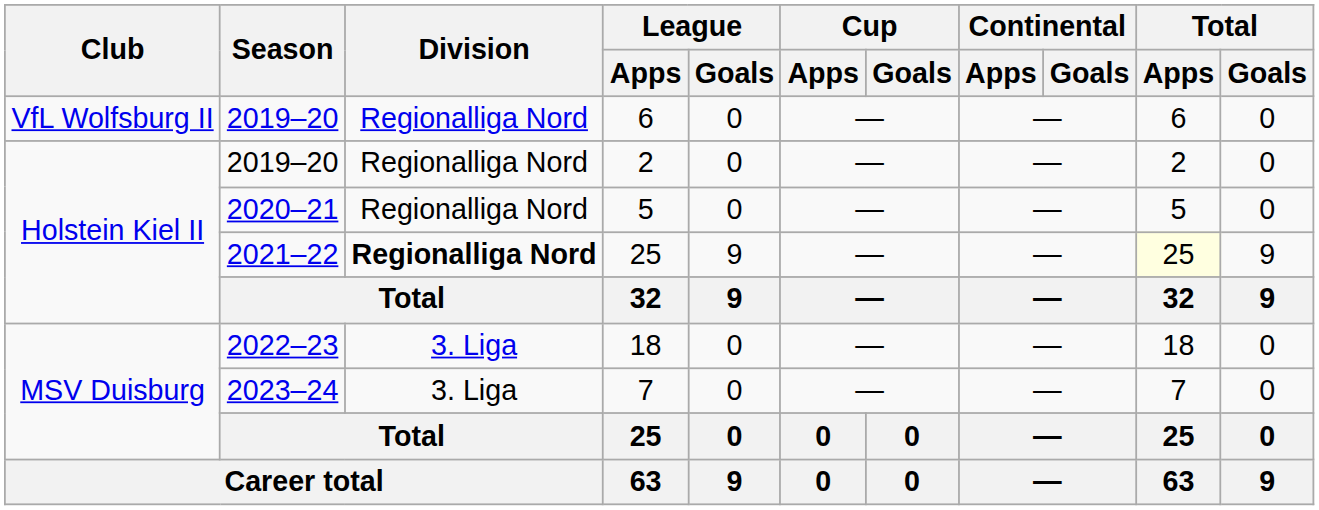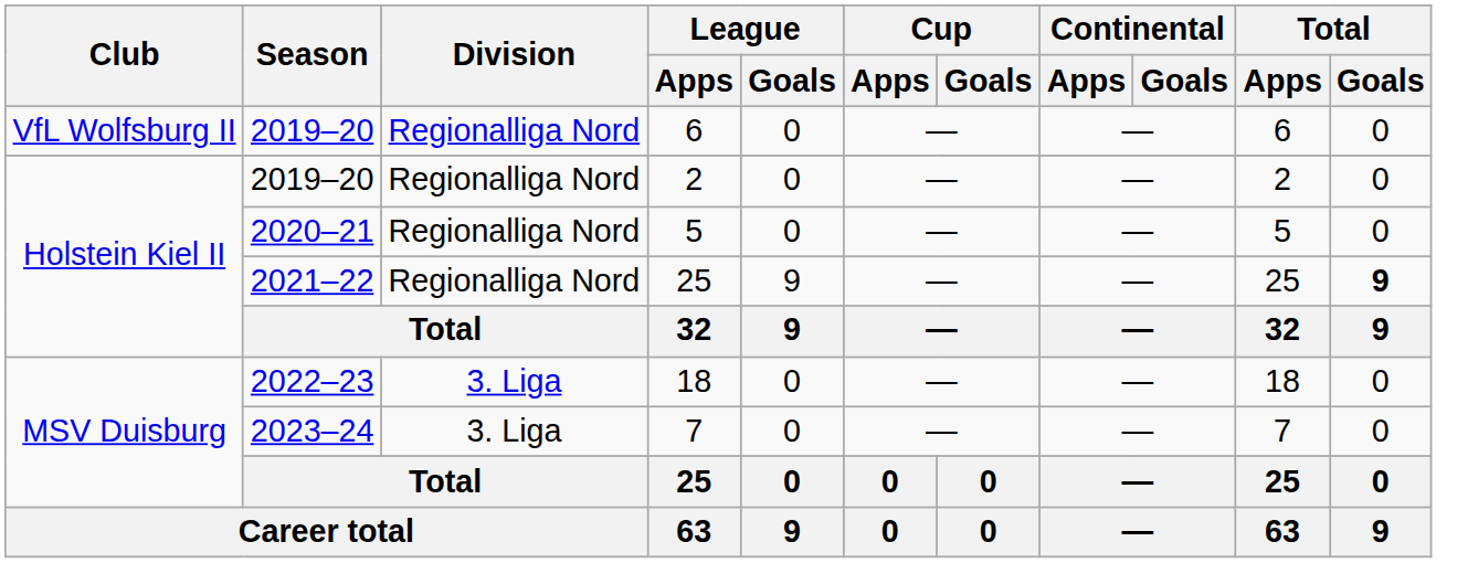 <table class="wikitable" style="text-align:center">
 <tr>
 <th rowspan="2">Club</th>
 <th rowspan="2">Season</th>
 <th rowspan="2">Division</th>
 <th colspan="2">League</th>
 <th colspan="2">Cup</th>
 <th colspan="2">Continental</th>
 <th colspan="2">Total</th>
 </tr>
 <tr>
 <th>Apps</th>
 <th>Goals</th>
 <th>Apps</th>
 <th>Goals</th>
 <th>Apps</th>
 <th>Goals</th>
 <th>Apps</th>
 <th>Goals</th>
 </tr>
 <tr>
 <td><a href='#'>VfL Wolfsburg II</a></td>
 <td><a href='#'>2019–20</a></td>
 <td><a href='#'>Regionalliga Nord</a></td>
 <td>6</td>
 <td>0</td>
 <td colspan="2">—</td>
 <td colspan="2">—</td>
 <td>6</td>
 <td>0</td>
 </tr>
 <tr>
 <td rowspan=4><a href='#'>Holstein Kiel II</a></td>
 <td>2019–20</td>
 <td>Regionalliga Nord</td>
 <td>2</td>
 <td>0</td>
 <td colspan="2">—</td>
 <td colspan="2">—</td>
 <td>2</td>
 <td>0</td>
 </tr>
 <tr>
 <td><a href='#'>2020–21</a></td>
 <td>Regionalliga Nord</td>
 <td>5</td>
 <td>0</td>
 <td colspan="2">—</td>
 <td colspan="2">—</td>
 <td>5</td>
 <td>0</td>
 </tr>
 <tr>
 <td><a href='#'>2021–22</a></td>
-<td><strong>Regionalliga Nord</strong></td>
+<td>Regionalliga Nord</td>
 <td>25</td>
 <td>9</td>
 <td colspan="2">—</td>
 <td colspan="2">—</td>
-<td style="background: lightyellow;">25</td>
-<td>9</td>
+<td>25</td>
+<td><strong>9</strong></td>
 </tr>
 <tr>
 <th colspan="2">Total</th>
 <th>32</th>
 <th>9</th>
 <th colspan="2">—</th>
 <th colspan="2">—</th>
 <th>32</th>
 <th>9</th>
 </tr>
 <tr>
 <td rowspan=3><a href='#'>MSV Duisburg</a></td>
 <td><a href='#'>2022–23</a></td>
 <td><a href='#'>3. Liga</a></td>
 <td>18</td>
 <td>0</td>
 <td colspan="2">—</td>
 <td colspan="2">—</td>
 <td>18</td>
 <td>0</td>
 </tr>
 <tr>
 <td><a href='#'>2023–24</a></td>
 <td>3. Liga</td>
 <td>7</td>
 <td>0</td>
 <td colspan="2">—</td>
 <td colspan="2">—</td>
 <td>7</td>
 <td>0</td>
 </tr>
 <tr>
 <th colspan="2">Total</th>
 <th>25</th>
 <th>0</th>
 <th>0</th>
 <th>0</th>
 <th colspan="2">—</th>
 <th>25</th>
 <th>0</th>
 </tr>
 <tr>
 <th colspan="3">Career total</th>
 <th>63</th>
 <th>9</th>
 <th>0</th>
 <th>0</th>
 <th colspan="2">—</th>
 <th>63</th>
 <th>9</th>
 </tr>
 </table>
